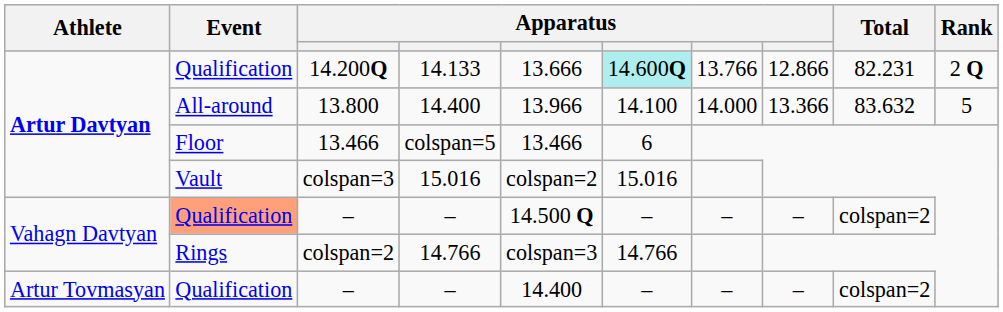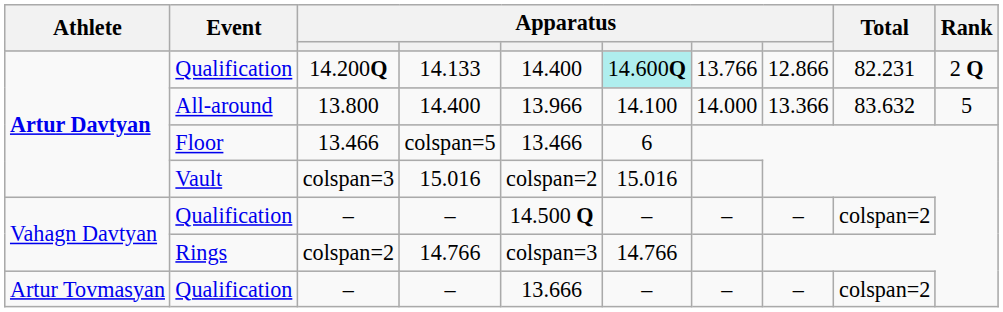 <table class="wikitable" style="text-align:center; font-size:90%">
 <tr>
 <th rowspan=2>Athlete</th>
 <th rowspan=2>Event</th>
 <th colspan=6>Apparatus</th>
 <th rowspan=2>Total</th>
 <th rowspan=2>Rank</th>
 </tr>
 <tr style="font-size:95%">
 <th></th>
 <th></th>
 <th></th>
 <th></th>
 <th></th>
 <th></th>
 </tr>
 <tr>
 <td rowspan=4 align=left><strong><a href='#'>Artur Davtyan</a></strong></td>
 <td align=left><a href='#'>Qualification</a></td>
 <td>14.200<strong>Q</strong></td>
 <td>14.133</td>
-<td>13.666</td>
+<td>14.400</td>
 <td style="background: paleturquoise;">14.600<strong>Q</strong></td>
 <td>13.766</td>
 <td>12.866</td>
 <td>82.231</td>
 <td>2 <strong>Q</strong></td>
 </tr>
 <tr>
 <td align=left><a href='#'>All-around</a></td>
 <td>13.800</td>
 <td>14.400</td>
 <td>13.966</td>
 <td>14.100</td>
 <td>14.000</td>
 <td>13.366</td>
 <td>83.632</td>
 <td>5</td>
 </tr>
 <tr>
 <td align=left><a href='#'>Floor</a></td>
 <td>13.466</td>
 <td>colspan=5 </td>
 <td>13.466</td>
 <td>6</td>
 </tr>
 <tr>
 <td align=left><a href='#'>Vault</a></td>
 <td>colspan=3 </td>
 <td>15.016</td>
 <td>colspan=2 </td>
 <td>15.016</td>
 <td></td>
 </tr>
 <tr>
 <td rowspan=2 align=left><a href='#'>Vahagn Davtyan</a></td>
-<td align=left style="background: lightsalmon;"><a href='#'>Qualification</a></td>
+<td align=left><a href='#'>Qualification</a></td>
 <td>–</td>
 <td>–</td>
 <td>14.500 <strong>Q</strong></td>
 <td>–</td>
 <td>–</td>
 <td>–</td>
 <td>colspan=2 </td>
 </tr>
 <tr>
 <td align=left><a href='#'>Rings</a></td>
 <td>colspan=2 </td>
 <td>14.766</td>
 <td>colspan=3 </td>
 <td>14.766</td>
 <td></td>
 </tr>
 <tr>
 <td align=left><a href='#'>Artur Tovmasyan</a></td>
 <td align=left><a href='#'>Qualification</a></td>
 <td>–</td>
 <td>–</td>
-<td>14.400</td>
+<td>13.666</td>
 <td>–</td>
 <td>–</td>
 <td>–</td>
 <td>colspan=2 </td>
 </tr>
 </table>
